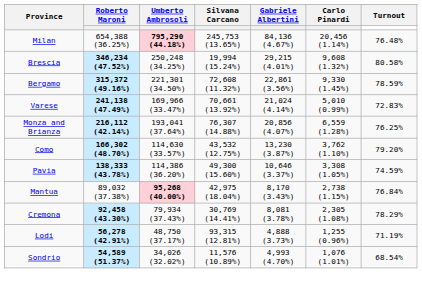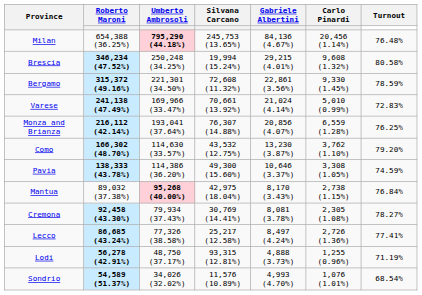 <table class="wikitable" style="text-align:center;font-size:85%;line-height:13px">
 <tr style="height:30px; background-color:#E9E9E9">
 <th style="width:110px;" rowspan="2">Province</th>
 <th style="width:75px;"><a href='#'>Roberto Maroni</a></th>
 <th style="width:75px;"><a href='#'>Umberto Ambrosoli</a></th>
 <th style="width:75px;">Silvana Carcano</th>
 <th style="width:75px;"><a href='#'>Gabriele Albertini</a></th>
 <th style="width:75px;">Carlo <br>Pinardi</th>
 <th style="width:75px;">Turnout</th>
 </tr>
 <tr>
 <th style="background:"></th>
 <th style="background:"></th>
 <th style="background:"></th>
 <th style="background:"></th>
 <th style="background:"></th>
 <th style="background:white;"></th>
 </tr>
 <tr>
 <td><a href='#'>Milan</a></td>
 <td>654,388 (36.25%)</td>
 <td style="background:#FFD0D7"><strong>795,290 (44.18%)</strong></td>
 <td>245,753 (13.65%)</td>
 <td>84,136 (4.67%)</td>
 <td>20,456 (1.14%)</td>
 <td>76.48%</td>
 </tr>
 <tr>
 <td><a href='#'>Brescia</a></td>
 <td style="background:#C8EBFF"><strong>346,234 (47.52%)</strong></td>
 <td>250,248 (34.25%)</td>
 <td>19,994 (15.24%)</td>
 <td>29,215 (4.01%)</td>
 <td>9,608 <br>(1.32%)</td>
 <td>80.58%</td>
 </tr>
 <tr>
 <td><a href='#'>Bergamo</a></td>
 <td style="background:#C8EBFF"><strong>315,372 (49.16%)</strong></td>
 <td>221,301 (34.50%)</td>
 <td>72,608 (11.32%)</td>
 <td>22,861 (3.56%)</td>
 <td>9,330 <br>(1.45%)</td>
 <td>78.59%</td>
 </tr>
 <tr>
 <td><a href='#'>Varese</a></td>
 <td style="background:#C8EBFF"><strong>241,138 (47.49%)</strong></td>
 <td>169,966 (33.47%)</td>
 <td>70,661 (13.92%)</td>
 <td>21,024 (4.14%)</td>
 <td>5,010 <br>(0.99%)</td>
 <td>72.83%</td>
 </tr>
 <tr>
 <td><a href='#'>Monza and Brianza</a></td>
 <td style="background:#C8EBFF"><strong>216,112 (42.14%)</strong></td>
 <td>193,041 (37.64%)</td>
 <td>76,307 (14.88%)</td>
 <td>20,856 (4.07%)</td>
 <td>6,559 <br>(1.28%)</td>
 <td>76.25%</td>
 </tr>
 <tr>
 <td><a href='#'>Como</a></td>
 <td style="background:#C8EBFF"><strong>166,302 (48.70%)</strong></td>
 <td>114,630 (33.57%)</td>
 <td>43,532 (12.75%)</td>
 <td>13,230 (3.87%)</td>
 <td>3,762 <br>(1.10%)</td>
 <td>79.20%</td>
 </tr>
 <tr>
 <td><a href='#'>Pavia</a></td>
 <td style="background:#C8EBFF"><strong>138,333 (43.78%)</strong></td>
 <td>114,386 (36.20%)</td>
 <td>49,300 (15.60%)</td>
 <td>10,646 (3.37%)</td>
 <td>3,308 <br>(1.05%)</td>
 <td>74.59%</td>
 </tr>
 <tr>
 <td><a href='#'>Mantua</a></td>
 <td>89,032 (37.38%)</td>
 <td style="background:#FFD0D7"><strong>95,268 (40.00%)</strong></td>
 <td>42,975 (18.04%)</td>
 <td>8,170 <br>(3.43%)</td>
 <td>2,738 <br>(1.15%)</td>
 <td>76.84%</td>
 </tr>
 <tr>
 <td><a href='#'>Cremona</a></td>
 <td style="background:#C8EBFF"><strong>92,458 (43.30%)</strong></td>
 <td>79,934 (37.43%)</td>
 <td>30,769 (14.41%)</td>
 <td>8,081 <br>(3.78%)</td>
 <td>2,305 <br>(1.08%)</td>
-<td>78.29%</td>
+<td>78.27%</td>
+</tr>
+<tr>
+<td><a href='#'>Lecco</a></td>
+<td style="background:#C8EBFF"><strong>86,685 (43.24%)</strong></td>
+<td>77,326 (38.58%)</td>
+<td>25,217 (12.58%)</td>
+<td>8,497 <br>(4.24%)</td>
+<td>2,726 <br>(1.36%)</td>
+<td>77.41%</td>
 </tr>
 <tr>
 <td><a href='#'>Lodi</a></td>
 <td style="background:#C8EBFF"><strong>56,278 (42.91%)</strong></td>
 <td>48,750 (37.17%)</td>
 <td>93,315 (12.81%)</td>
 <td>4,888 <br>(3.73%)</td>
 <td>1,255 <br>(0.96%)</td>
 <td>71.19%</td>
 </tr>
 <tr>
 <td><a href='#'>Sondrio</a></td>
 <td style="background:#C8EBFF"><strong>54,589 (51.37%)</strong></td>
 <td>34,026 (32.02%)</td>
 <td>11,576 (10.89%)</td>
 <td>4,993 <br>(4.70%)</td>
 <td>1,076 <br>(1.01%)</td>
 <td>68.54%</td>
 </tr>
 </table>
